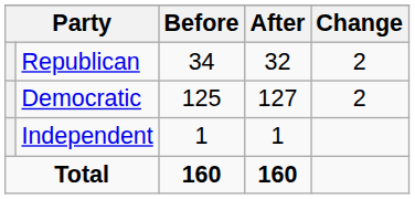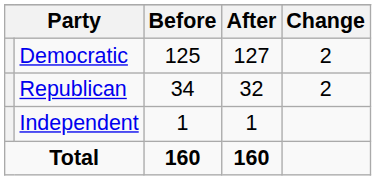 <table class="wikitable" style="text-align:center;">
 <tr>
 </tr>
 <tr>
 <th colspan=2>Party</th>
 <th>Before</th>
 <th>After</th>
 <th>Change</th>
 </tr>
 <tr>
 <th style="background-color:"></th>
-<td style="text-align:left;"><a href='#'>Republican</a></td>
-<td>34</td>
-<td>32</td>
+<td style="text-align:left;"><a href='#'>Democratic</a></td>
+<td>125</td>
+<td>127</td>
 <td> 2</td>
 </tr>
 <tr>
 <th style="background-color:"></th>
-<td style="text-align:left;"><a href='#'>Democratic</a></td>
-<td>125</td>
-<td>127</td>
+<td style="text-align:left;"><a href='#'>Republican</a></td>
+<td>34</td>
+<td>32</td>
 <td> 2</td>
 </tr>
 <tr>
 <th style="background-color:"></th>
 <td style="text-align:left;"><a href='#'>Independent</a></td>
 <td>1</td>
 <td>1</td>
 <td></td>
 </tr>
 <tr>
 <td colspan=2><strong>Total</strong></td>
 <td><strong>160</strong></td>
 <td><strong>160</strong></td>
 <td></td>
 </tr>
 </table>
